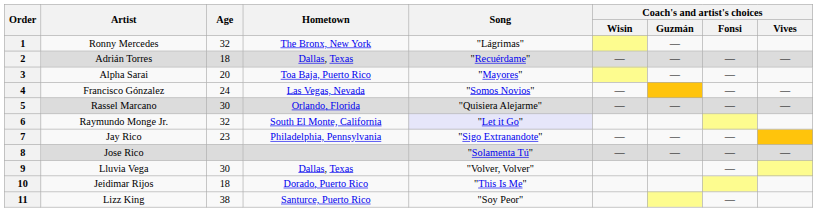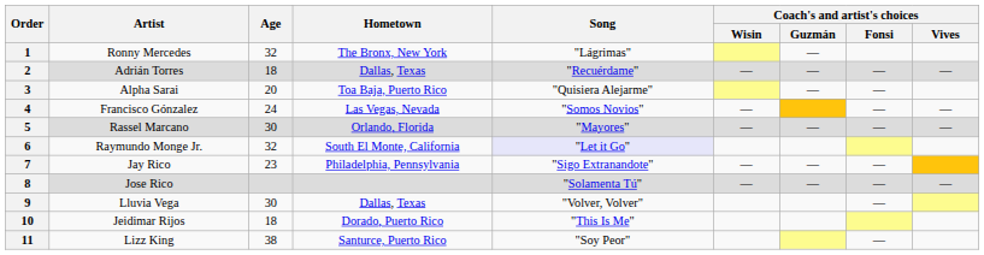 <table class="wikitable" style="text-align:center; line-height:17px; width:100%;">
 <tr>
 <th scope="col" rowspan="2" style="width:04%;">Order</th>
 <th scope="col" rowspan="2" style="width:18%;">Artist</th>
 <th scope="col" rowspan="2" style="width:04%;">Age</th>
 <th scope="col" rowspan="2" style="width:18%;">Hometown</th>
 <th scope="col" rowspan="2" style="width:20%;">Song</th>
 <th scope="col" colspan="4" style="width:24%;">Coach's and artist's choices</th>
 </tr>
 <tr>
 <th style="width:06%;">Wisin</th>
 <th style="width:06%;">Guzmán</th>
 <th style="width:06%;">Fonsi</th>
 <th style="width:06%;">Vives</th>
 </tr>
 <tr>
 <th>1</th>
 <td style="text-align:center;">Ronny Mercedes</td>
 <td style="text-align:center;">32</td>
 <td style="text-align:center;"><a href='#'>The Bronx, New York</a></td>
 <td style="text-align:center;">"Lágrimas"</td>
 <td style="background:#fdfc8f;"><strong></strong></td>
 <td>—</td>
 <td style="text-align:center;"><strong></strong></td>
 <td style="text-align:center;"><strong></strong></td>
 </tr>
 <tr style="background:#DCDCDC;"|>
 <th>2</th>
 <td style="text-align:center;">Adrián Torres</td>
 <td style="text-align:center;">18</td>
 <td style="text-align:center;"><a href='#'>Dallas</a>, <a href='#'>Texas</a></td>
 <td style="text-align:center;">"<a href='#'>Recuérdame</a>"</td>
 <td style="text-align:center;">—</td>
 <td style="text-align:center;">—</td>
 <td style="text-align:center;">—</td>
 <td style="text-align:center;">—</td>
 </tr>
 <tr>
 <th>3</th>
 <td style="text-align:center;">Alpha Sarai</td>
 <td style="text-align:center;">20</td>
 <td style="text-align:center;"><a href='#'>Toa Baja, Puerto Rico</a></td>
-<td>"<a href='#'>Mayores</a>"</td>
+<td style="text-align:center;">"Quisiera Alejarme"</td>
 <td style="background:#fdfc8f;"><strong></strong></td>
 <td style="text-align:center;">—</td>
 <td>—</td>
 <td style="text-align:center;"><strong></strong></td>
 </tr>
 <tr>
 <th>4</th>
 <td style="text-align:center;">Francisco Gónzalez</td>
 <td style="text-align:center;">24</td>
 <td style="text-align:center;"><a href='#'>Las Vegas, Nevada</a></td>
 <td style="text-align:center;">"<a href='#'>Somos Novios</a>"</td>
 <td style="text-align:center;">—</td>
 <td style="background:#ffc40c;"><strong></strong></td>
 <td style="text-align:center;">— </td>
 <td style="text-align:center;">—</td>
 </tr>
 <tr style="background:#dcdcdc;" |>
 <th>5</th>
 <td>Rassel Marcano</td>
 <td>30</td>
 <td><a href='#'>Orlando, Florida</a></td>
-<td style="text-align:center;">"Quisiera Alejarme"</td>
+<td>"<a href='#'>Mayores</a>"</td>
 <td>—</td>
 <td>—</td>
 <td>—</td>
 <td>—</td>
 </tr>
 <tr>
 <th>6</th>
 <td>Raymundo Monge Jr.</td>
 <td>32</td>
 <td><a href='#'>South El Monte, California</a></td>
 <td style="background: lavender;">"<a href='#'>Let it Go</a>"</td>
 <td><strong></strong></td>
 <td><strong></strong></td>
 <td style="background:#fdfc8f;"><strong></strong></td>
 <td><strong></strong></td>
 </tr>
 <tr>
 <th>7</th>
 <td>Jay Rico</td>
 <td>23</td>
 <td><a href='#'>Philadelphia, Pennsylvania</a></td>
 <td>"<a href='#'>Sigo Extranandote</a>"</td>
 <td>—</td>
 <td>—</td>
 <td>—</td>
 <td style="background:#ffc40c;"><strong></strong></td>
 </tr>
 <tr style="background:#dcdcdc;" |>
 <th>8</th>
 <td>Jose Rico</td>
 <td></td>
 <td></td>
 <td>"<a href='#'>Solamenta Tú</a>"</td>
 <td>—</td>
 <td>—</td>
 <td>—</td>
 <td>—</td>
 </tr>
 <tr>
 <th>9</th>
 <td>Lluvia Vega</td>
 <td>30</td>
 <td><a href='#'>Dallas</a>, <a href='#'>Texas</a></td>
 <td>"Volver, Volver"</td>
 <td><strong></strong></td>
 <td><strong></strong></td>
 <td>—</td>
 <td style="background:#fdfc8f;"><strong></strong></td>
 </tr>
 <tr>
 <th>10</th>
 <td>Jeidimar Rijos</td>
 <td>18</td>
 <td><a href='#'>Dorado, Puerto Rico</a></td>
 <td>"<a href='#'>This Is Me</a>"</td>
 <td><strong></strong></td>
 <td><strong></strong></td>
 <td style="background:#fdfc8f;"><strong></strong></td>
 <td><strong></strong></td>
 </tr>
 <tr>
 <th>11</th>
 <td>Lizz King</td>
 <td>38</td>
 <td><a href='#'>Santurce, Puerto Rico</a></td>
 <td>"Soy Peor"</td>
 <td><strong></strong></td>
 <td style="background:#fdfc8f;"><strong></strong></td>
 <td>—</td>
 <td><strong></strong></td>
 </tr>
 </table>
